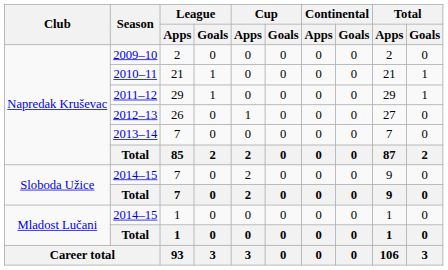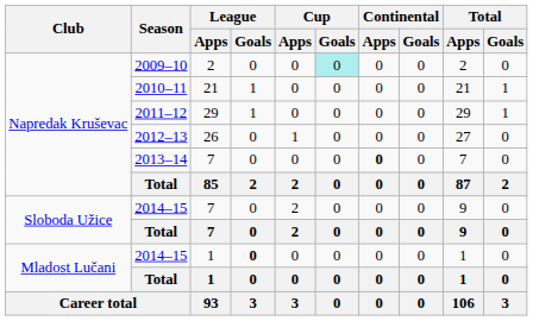 <table class="wikitable" style="text-align:center">
 <tr>
 <th rowspan="2">Club</th>
 <th rowspan="2">Season</th>
 <th colspan="2">League</th>
 <th colspan="2">Cup</th>
 <th colspan="2">Continental</th>
 <th colspan="2">Total</th>
 </tr>
 <tr>
 <th>Apps</th>
 <th>Goals</th>
 <th>Apps</th>
 <th>Goals</th>
 <th>Apps</th>
 <th>Goals</th>
 <th>Apps</th>
 <th>Goals</th>
 </tr>
 <tr>
 <td rowspan="6"><a href='#'>Napredak Kruševac</a></td>
 <td><a href='#'>2009–10</a></td>
 <td>2</td>
 <td>0</td>
 <td>0</td>
-<td>0</td>
+<td style="background: paleturquoise;">0</td>
 <td>0</td>
 <td>0</td>
 <td>2</td>
 <td>0</td>
 </tr>
 <tr>
 <td><a href='#'>2010–11</a></td>
 <td>21</td>
 <td>1</td>
 <td>0</td>
 <td>0</td>
 <td>0</td>
 <td>0</td>
 <td>21</td>
 <td>1</td>
 </tr>
 <tr>
 <td><a href='#'>2011–12</a></td>
 <td>29</td>
 <td>1</td>
 <td>0</td>
 <td>0</td>
 <td>0</td>
 <td>0</td>
 <td>29</td>
 <td>1</td>
 </tr>
 <tr>
 <td><a href='#'>2012–13</a></td>
 <td>26</td>
 <td>0</td>
 <td>1</td>
 <td>0</td>
 <td>0</td>
 <td>0</td>
 <td>27</td>
 <td>0</td>
 </tr>
 <tr>
 <td><a href='#'>2013–14</a></td>
 <td>7</td>
 <td>0</td>
 <td>0</td>
 <td>0</td>
-<td>0</td>
+<td><strong>0</strong></td>
 <td>0</td>
 <td>7</td>
 <td>0</td>
 </tr>
 <tr>
 <th>Total</th>
 <th>85</th>
 <th>2</th>
 <th>2</th>
 <th>0</th>
 <th>0</th>
 <th>0</th>
 <th>87</th>
 <th>2</th>
 </tr>
 <tr>
 <td rowspan="2"><a href='#'>Sloboda Užice</a></td>
 <td><a href='#'>2014–15</a></td>
 <td>7</td>
 <td>0</td>
 <td>2</td>
 <td>0</td>
 <td>0</td>
 <td>0</td>
 <td>9</td>
 <td>0</td>
 </tr>
 <tr>
 <th>Total</th>
 <th>7</th>
 <th>0</th>
 <th>2</th>
 <th>0</th>
 <th>0</th>
 <th>0</th>
 <th>9</th>
 <th>0</th>
 </tr>
 <tr>
 <td rowspan="2"><a href='#'>Mladost Lučani</a></td>
 <td><a href='#'>2014–15</a></td>
 <td>1</td>
-<td>0</td>
+<td><strong>0</strong></td>
 <td>0</td>
 <td>0</td>
 <td>0</td>
 <td>0</td>
 <td>1</td>
 <td>0</td>
 </tr>
 <tr>
 <th>Total</th>
 <th>1</th>
 <th>0</th>
 <th>0</th>
 <th>0</th>
 <th>0</th>
 <th>0</th>
 <th>1</th>
 <th>0</th>
 </tr>
 <tr>
 <th colspan=2>Career total</th>
 <th>93</th>
 <th>3</th>
 <th>3</th>
 <th>0</th>
 <th>0</th>
 <th>0</th>
 <th>106</th>
 <th>3</th>
 </tr>
 </table>
